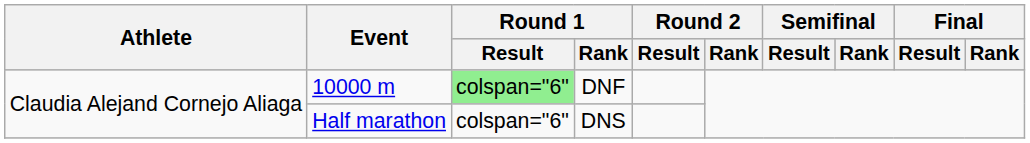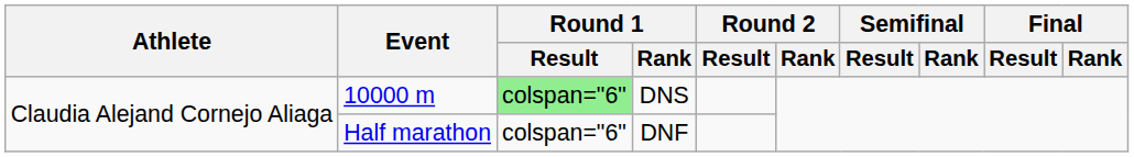 <table class="wikitable" style="font-size:90%">
 <tr>
 <th rowspan="2">Athlete</th>
 <th rowspan="2">Event</th>
 <th colspan="2">Round 1</th>
 <th colspan="2">Round 2</th>
 <th colspan="2">Semifinal</th>
 <th colspan="2">Final</th>
 </tr>
 <tr style="font-size:95%">
 <th>Result</th>
 <th>Rank</th>
 <th>Result</th>
 <th>Rank</th>
 <th>Result</th>
 <th>Rank</th>
 <th>Result</th>
 <th>Rank</th>
 </tr>
 <tr align=center>
 <td align=left rowspan=2>Claudia Alejand Cornejo Aliaga</td>
 <td align=left><a href='#'>10000 m</a></td>
 <td style="background: lightgreen;">colspan="6" </td>
-<td>DNF</td>
+<td>DNS</td>
 <td></td>
 </tr>
 <tr align=center>
 <td align=left><a href='#'>Half marathon</a></td>
 <td>colspan="6" </td>
-<td>DNS</td>
+<td>DNF</td>
 <td></td>
 </tr>
 </table>
